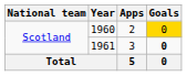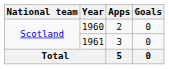 <table class=wikitable style="text-align: center">
 <tr>
 <th>National team</th>
 <th>Year</th>
 <th>Apps</th>
 <th>Goals</th>
 </tr>
 <tr>
 <td rowspan=2><a href='#'>Scotland</a></td>
 <td>1960</td>
 <td>2</td>
-<td style="background: gold;">0</td>
+<td>0</td>
 </tr>
 <tr>
 <td>1961</td>
 <td>3</td>
-<td><strong>0</strong></td>
+<td>0</td>
 </tr>
 <tr>
 <th colspan=2>Total</th>
 <th>5</th>
 <th>0</th>
 </tr>
 </table>
